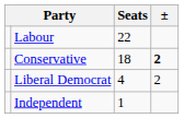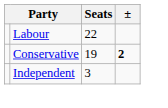 <table class="wikitable">
 <tr>
 <th colspan="2">Party</th>
 <th>Seats</th>
 <th>  ±  </th>
 </tr>
 <tr>
 <td style="background-color: "></td>
 <td><a href='#'>Labour</a></td>
 <td>22</td>
 <td></td>
 </tr>
 <tr>
 <td style="background-color: "></td>
 <td><a href='#'>Conservative</a></td>
-<td>18</td>
+<td>19</td>
 <td><strong> 2</strong></td>
 </tr>
 <tr>
 <td style="background-color: "></td>
-<td><a href='#'>Liberal Democrat</a></td>
-<td>4</td>
-<td> 2</td>
-</tr>
-<tr>
-<td style="background-color: "></td>
 <td><a href='#'>Independent</a></td>
-<td>1</td>
+<td>3</td>
 <td></td>
 </tr>
 </table>
